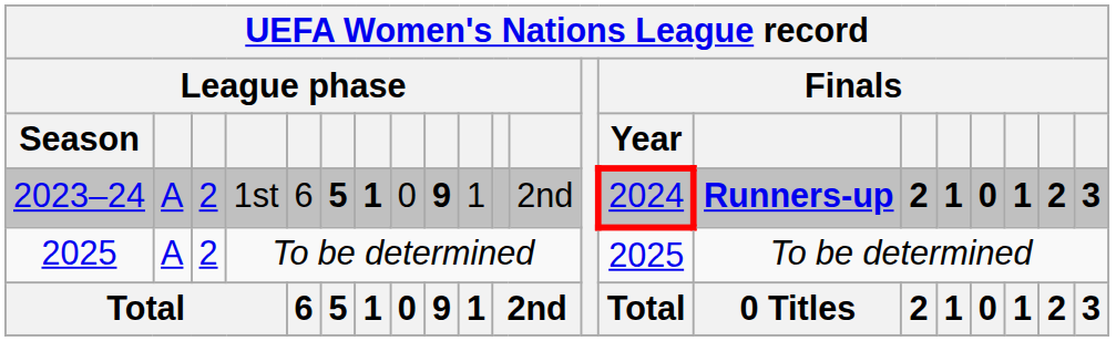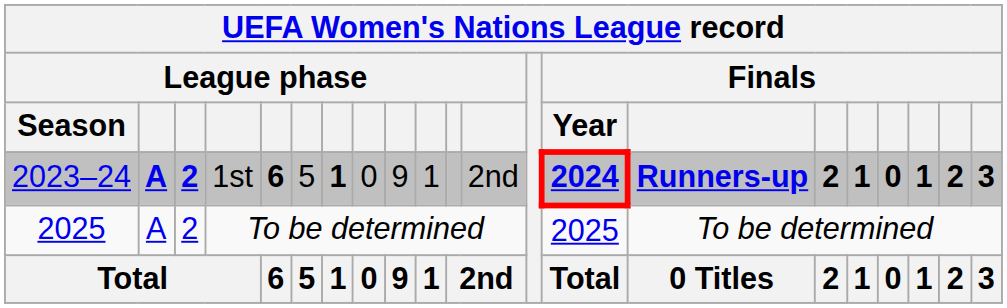 <table class="wikitable" style="text-align:center">
 <tr>
 <th colspan="22"><a href='#'>UEFA Women's Nations League</a> record</th>
 </tr>
 <tr>
 <th colspan="12">League phase</th>
 <th rowspan="5"></th>
 <th colspan="9">Finals</th>
 </tr>
 <tr>
 <th>Season</th>
 <th></th>
 <th></th>
 <th></th>
 <th></th>
 <th></th>
 <th></th>
 <th></th>
 <th></th>
 <th></th>
 <th></th>
 <th></th>
 <th>Year</th>
 <th></th>
 <th></th>
 <th></th>
 <th></th>
 <th></th>
 <th></th>
 <th></th>
 </tr>
 <tr bgcolor=silver>
 <td><a href='#'>2023–24</a></td>
-<td><a href='#'>A</a></td>
-<td><a href='#'>2</a></td>
+<td><strong><a href='#'>A</a></strong></td>
+<td><strong><a href='#'>2</a></strong></td>
 <td>1st</td>
-<td>6</td>
-<td><strong>5</strong></td>
+<td><strong>6</strong></td>
+<td>5</td>
 <td><strong>1</strong></td>
 <td>0</td>
-<td><strong>9</strong></td>
+<td>9</td>
 <td>1</td>
 <td></td>
 <td>2nd</td>
-<td style="border: 3px solid red">   <a href='#'>2024</a></td>
+<td style="border: 3px solid red"><strong>   <a href='#'>2024</a></strong></td>
 <td><strong><a href='#'>Runners-up</a></strong></td>
 <td><strong>2</strong></td>
 <td><strong>1</strong></td>
 <td><strong>0</strong></td>
 <td><strong>1</strong></td>
 <td><strong>2</strong></td>
 <td><strong>3</strong></td>
 </tr>
 <tr>
 <td><a href='#'>2025</a></td>
 <td><a href='#'>A</a></td>
 <td><a href='#'>2</a></td>
 <td colspan="9"><em>To be determined</em></td>
 <td> <a href='#'>2025</a></td>
 <td colspan="7"><em>To be determined</em></td>
 </tr>
 <tr>
 <th colspan="4">Total</th>
 <th>6</th>
 <th>5</th>
 <th>1</th>
 <th>0</th>
 <th>9</th>
 <th>1</th>
 <th colspan="2">2nd</th>
 <th>Total</th>
 <th>0 Titles</th>
 <th>2</th>
 <th>1</th>
 <th>0</th>
 <th>1</th>
 <th>2</th>
 <th>3</th>
 </tr>
 </table>
